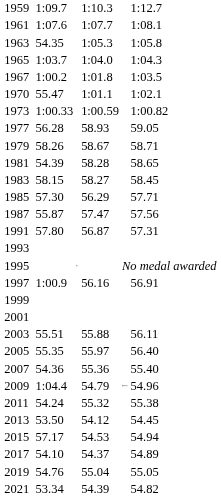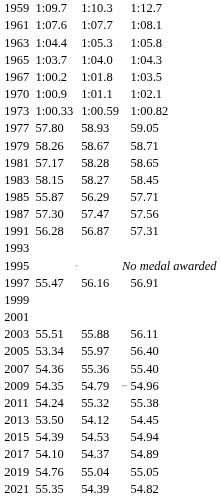 <table>
 <tr>
 <td>1959</td>
 <td></td>
 <td>1:09.7</td>
 <td></td>
 <td>1:10.3</td>
 <td></td>
 <td>1:12.7</td>
 </tr>
 <tr>
 <td>1961</td>
 <td></td>
 <td>1:07.6</td>
 <td></td>
 <td>1:07.7</td>
 <td></td>
 <td>1:08.1</td>
 </tr>
 <tr>
 <td>1963</td>
 <td></td>
-<td>54.35</td>
+<td>1:04.4</td>
 <td></td>
 <td>1:05.3</td>
 <td></td>
 <td>1:05.8</td>
 </tr>
 <tr>
 <td>1965</td>
 <td></td>
 <td>1:03.7</td>
 <td></td>
 <td>1:04.0</td>
 <td></td>
 <td>1:04.3</td>
 </tr>
 <tr>
 <td>1967</td>
 <td></td>
 <td>1:00.2</td>
 <td></td>
 <td>1:01.8</td>
 <td></td>
 <td>1:03.5</td>
 </tr>
 <tr>
 <td>1970</td>
 <td></td>
-<td>55.47</td>
+<td>1:00.9</td>
 <td></td>
 <td>1:01.1</td>
 <td></td>
 <td>1:02.1</td>
 </tr>
 <tr>
 <td>1973</td>
 <td></td>
 <td>1:00.33</td>
 <td></td>
 <td>1:00.59</td>
 <td></td>
 <td>1:00.82</td>
 </tr>
 <tr>
 <td>1977</td>
 <td></td>
-<td>56.28</td>
+<td>57.80</td>
 <td></td>
 <td>58.93</td>
 <td></td>
 <td>59.05</td>
 </tr>
 <tr>
 <td>1979</td>
 <td></td>
 <td>58.26</td>
 <td></td>
 <td>58.67</td>
 <td></td>
 <td>58.71</td>
 </tr>
 <tr>
 <td>1981</td>
 <td></td>
-<td>54.39</td>
+<td>57.17</td>
 <td></td>
 <td>58.28</td>
 <td></td>
 <td>58.65</td>
 </tr>
 <tr>
 <td>1983</td>
 <td></td>
 <td>58.15</td>
 <td></td>
 <td>58.27</td>
 <td></td>
 <td>58.45</td>
 </tr>
 <tr>
 <td>1985</td>
 <td></td>
-<td>57.30</td>
+<td>55.87</td>
 <td></td>
 <td>56.29</td>
 <td></td>
 <td>57.71</td>
 </tr>
 <tr>
 <td>1987</td>
 <td></td>
-<td>55.87</td>
+<td>57.30</td>
 <td></td>
 <td>57.47</td>
 <td></td>
 <td>57.56</td>
 </tr>
 <tr>
 <td>1991</td>
 <td></td>
-<td>57.80</td>
+<td>56.28</td>
 <td></td>
 <td>56.87</td>
 <td></td>
 <td>57.31</td>
 </tr>
 <tr>
 <td>1993</td>
 <td></td>
 <td></td>
 <td></td>
 <td></td>
 <td></td>
 <td></td>
 </tr>
 <tr>
 <td>1995</td>
 <td></td>
 <td></td>
 <td><hr></td>
 <td></td>
 <td colspan=2><em>No medal awarded</em></td>
 </tr>
 <tr>
 <td>1997</td>
 <td></td>
-<td>1:00.9</td>
+<td>55.47</td>
 <td></td>
 <td>56.16</td>
 <td></td>
 <td>56.91</td>
 </tr>
 <tr>
 <td>1999</td>
 <td></td>
 <td></td>
 <td></td>
 <td></td>
 <td></td>
 <td></td>
 </tr>
 <tr>
 <td>2001</td>
 <td></td>
 <td></td>
 <td></td>
 <td></td>
 <td></td>
 <td></td>
 </tr>
 <tr>
 <td>2003</td>
 <td></td>
 <td>55.51</td>
 <td></td>
 <td>55.88</td>
 <td></td>
 <td>56.11</td>
 </tr>
 <tr>
 <td>2005</td>
 <td></td>
-<td>55.35</td>
+<td>53.34</td>
 <td></td>
 <td>55.97</td>
 <td></td>
 <td>56.40</td>
 </tr>
 <tr>
 <td>2007</td>
 <td></td>
 <td>54.36</td>
 <td></td>
 <td>55.36</td>
 <td></td>
 <td>55.40</td>
 </tr>
 <tr>
 <td>2009</td>
 <td></td>
-<td>1:04.4</td>
+<td>54.35</td>
 <td></td>
 <td>54.79</td>
 <td><hr></td>
 <td>54.96</td>
 </tr>
 <tr>
 <td>2011</td>
 <td></td>
 <td>54.24</td>
 <td></td>
 <td>55.32</td>
 <td></td>
 <td>55.38</td>
 </tr>
 <tr>
 <td>2013</td>
 <td></td>
 <td>53.50</td>
 <td></td>
 <td>54.12</td>
 <td></td>
 <td>54.45</td>
 </tr>
 <tr>
 <td>2015</td>
 <td></td>
-<td>57.17</td>
+<td>54.39</td>
 <td></td>
 <td>54.53</td>
 <td></td>
 <td>54.94</td>
 </tr>
 <tr>
 <td>2017</td>
 <td></td>
 <td>54.10</td>
 <td></td>
 <td>54.37</td>
 <td></td>
 <td>54.89</td>
 </tr>
 <tr>
 <td>2019</td>
 <td></td>
 <td>54.76</td>
 <td></td>
 <td>55.04</td>
 <td></td>
 <td>55.05</td>
 </tr>
 <tr>
 <td>2021</td>
 <td></td>
-<td>53.34</td>
+<td>55.35</td>
 <td></td>
 <td>54.39</td>
 <td></td>
 <td>54.82</td>
 </tr>
 </table>
